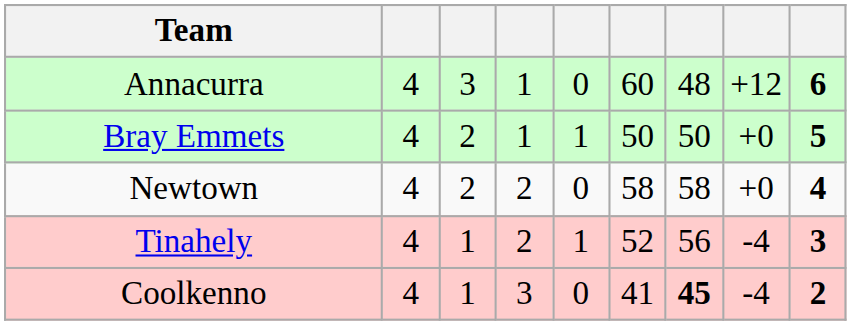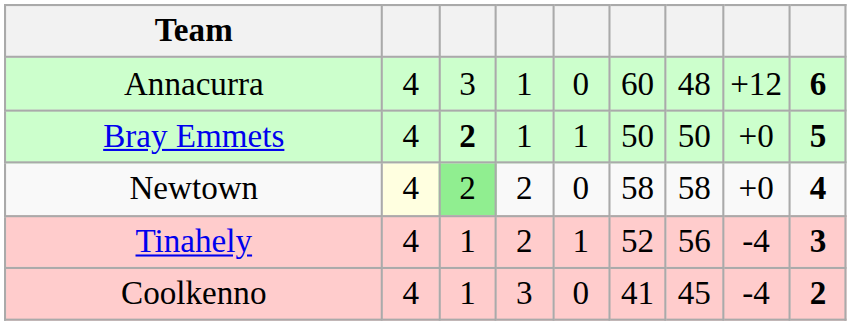 <table class="wikitable" style="text-align:center">
 <tr>
 <th style="width:175px;">Team</th>
 <th width="20"></th>
 <th width="20"></th>
 <th width="20"></th>
 <th width="20"></th>
 <th width="20"></th>
 <th width="20"></th>
 <th width="20"></th>
 <th width="20"></th>
 </tr>
 <tr style="background:#cfc;">
 <td>Annacurra</td>
 <td>4</td>
 <td>3</td>
 <td>1</td>
 <td>0</td>
 <td>60</td>
 <td>48</td>
 <td>+12</td>
 <td><strong>6</strong></td>
 </tr>
 <tr style="background:#cfc;">
 <td><a href='#'>Bray Emmets</a></td>
 <td>4</td>
-<td>2</td>
+<td><strong>2</strong></td>
 <td>1</td>
 <td>1</td>
 <td>50</td>
 <td>50</td>
 <td>+0</td>
 <td><strong>5</strong></td>
 </tr>
 <tr>
 <td>Newtown</td>
-<td>4</td>
-<td>2</td>
+<td style="background: lightyellow;">4</td>
+<td style="background: lightgreen;">2</td>
 <td>2</td>
 <td>0</td>
 <td>58</td>
 <td>58</td>
 <td>+0</td>
 <td><strong>4</strong></td>
 </tr>
 <tr style="background:#fcc;">
 <td><a href='#'>Tinahely</a></td>
 <td>4</td>
 <td>1</td>
 <td>2</td>
 <td>1</td>
 <td>52</td>
 <td>56</td>
 <td>-4</td>
 <td><strong>3</strong></td>
 </tr>
 <tr style="background:#fcc;">
 <td>Coolkenno</td>
 <td>4</td>
 <td>1</td>
 <td>3</td>
 <td>0</td>
 <td>41</td>
-<td><strong>45</strong></td>
+<td>45</td>
 <td>-4</td>
 <td><strong>2</strong></td>
 </tr>
 </table>
